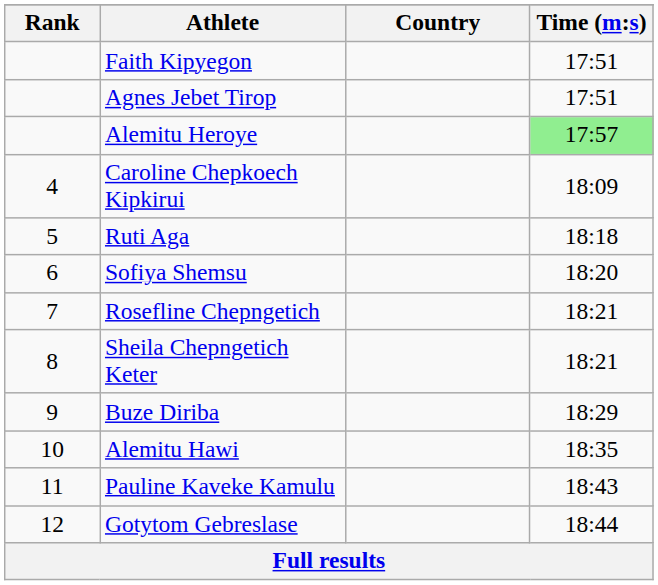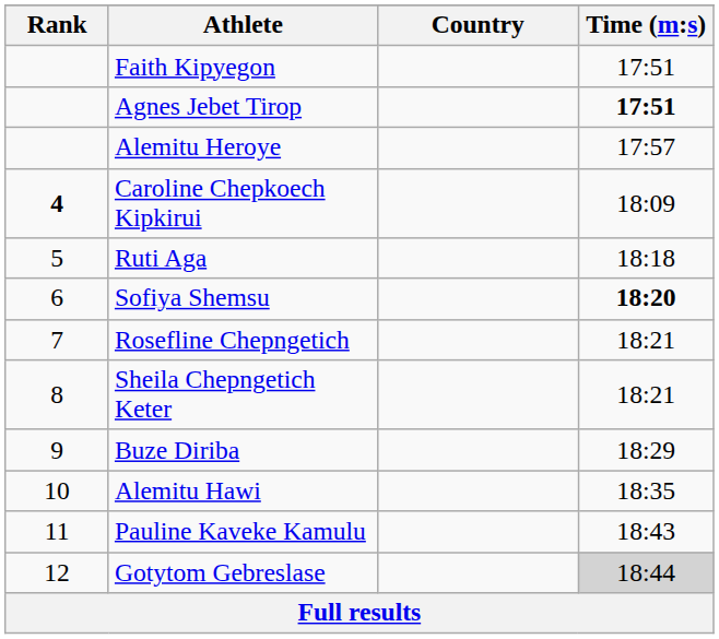 <table class="wikitable" width=50%>
 <tr>
 </tr>
 <tr>
 <th width=5%>Rank</th>
 <th width=20%>Athlete</th>
 <th width=15%>Country</th>
 <th width=10%>Time (<a href='#'>m</a>:<a href='#'>s</a>)</th>
 </tr>
 <tr align="center">
 <td></td>
 <td align="left"><a href='#'>Faith Kipyegon</a></td>
 <td align="left"></td>
 <td>17:51</td>
 </tr>
 <tr align="center">
 <td></td>
 <td align="left"><a href='#'>Agnes Jebet Tirop</a></td>
 <td align="left"></td>
-<td>17:51</td>
+<td><strong>17:51</strong></td>
 </tr>
 <tr align="center">
 <td></td>
 <td align="left"><a href='#'>Alemitu Heroye</a></td>
 <td align="left"></td>
-<td style="background: lightgreen;">17:57</td>
+<td>17:57</td>
 </tr>
 <tr align="center">
-<td>4</td>
+<td><strong>4</strong></td>
 <td align="left"><a href='#'>Caroline Chepkoech Kipkirui</a></td>
 <td align="left"></td>
 <td>18:09</td>
 </tr>
 <tr align="center">
 <td>5</td>
 <td align="left"><a href='#'>Ruti Aga</a></td>
 <td align="left"></td>
 <td>18:18</td>
 </tr>
 <tr align="center">
 <td>6</td>
 <td align="left"><a href='#'>Sofiya Shemsu</a></td>
 <td align="left"></td>
-<td>18:20</td>
+<td><strong>18:20</strong></td>
 </tr>
 <tr align="center">
 <td>7</td>
 <td align="left"><a href='#'>Rosefline Chepngetich</a></td>
 <td align="left"></td>
 <td>18:21</td>
 </tr>
 <tr align="center">
 <td>8</td>
 <td align="left"><a href='#'>Sheila Chepngetich Keter</a></td>
 <td align="left"></td>
 <td>18:21</td>
 </tr>
 <tr align="center">
 <td>9</td>
 <td align="left"><a href='#'>Buze Diriba</a></td>
 <td align="left"></td>
 <td>18:29</td>
 </tr>
 <tr align="center">
 <td>10</td>
 <td align="left"><a href='#'>Alemitu Hawi</a></td>
 <td align="left"></td>
 <td>18:35</td>
 </tr>
 <tr align="center">
 <td>11</td>
 <td align="left"><a href='#'>Pauline Kaveke Kamulu</a></td>
 <td align="left"></td>
 <td>18:43</td>
 </tr>
 <tr align="center">
 <td>12</td>
 <td align="left"><a href='#'>Gotytom Gebreslase</a></td>
 <td align="left"></td>
-<td>18:44</td>
+<td style="background: lightgrey;">18:44</td>
 </tr>
 <tr class="sortbottom">
 <th colspan=4 align=center><a href='#'>Full results</a></th>
 </tr>
 </table>
